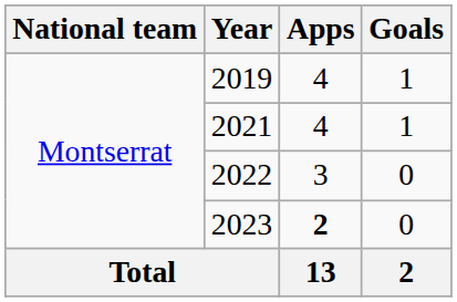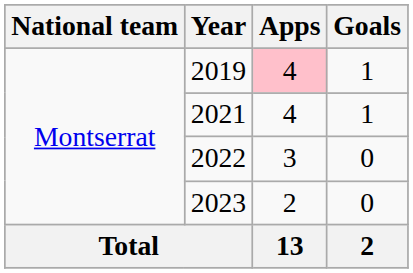 <table class=wikitable style="text-align: center">
 <tr>
 <th>National team</th>
 <th>Year</th>
 <th>Apps</th>
 <th>Goals</th>
 </tr>
 <tr>
 <td rowspan=4><a href='#'>Montserrat</a></td>
 <td>2019</td>
-<td>4</td>
+<td style="background: pink;">4</td>
 <td>1</td>
 </tr>
 <tr>
 <td>2021</td>
 <td>4</td>
 <td>1</td>
 </tr>
 <tr>
 <td>2022</td>
 <td>3</td>
 <td>0</td>
 </tr>
 <tr>
 <td>2023</td>
-<td><strong>2</strong></td>
+<td>2</td>
 <td>0</td>
 </tr>
 <tr>
 <th colspan=2>Total</th>
 <th>13</th>
 <th>2</th>
 </tr>
 </table>
